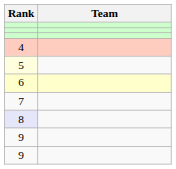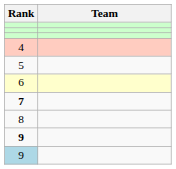 <table class="wikitable" style="text-align: center;">
 <tr>
 <th width=40>Rank</th>
 <th width=180>Team</th>
 </tr>
 <tr bgcolor="#ccffcc">
 <td></td>
 <td align="left"></td>
 </tr>
 <tr bgcolor="#ccffcc">
 <td></td>
 <td align="left"></td>
 </tr>
 <tr bgcolor="#ccffcc">
 <td></td>
 <td align="left"></td>
 </tr>
 <tr bgcolor=#ffccc>
 <td>4</td>
 <td align="left"></td>
 </tr>
 <tr>
-<td style="background: lightyellow;">5</td>
+<td>5</td>
 <td align="left"></td>
 </tr>
 <tr bgcolor=#ffffcc>
 <td>6</td>
 <td align="left"></td>
 </tr>
 <tr>
-<td>7</td>
+<td><strong>7</strong></td>
 <td align="left"></td>
 </tr>
 <tr>
-<td style="background: lavender;">8</td>
+<td>8</td>
 <td align="left"></td>
 </tr>
 <tr>
-<td>9</td>
+<td><strong>9</strong></td>
 <td align="left"></td>
 </tr>
 <tr>
-<td>9</td>
+<td style="background: lightblue;">9</td>
 <td align="left"></td>
 </tr>
 </table>
